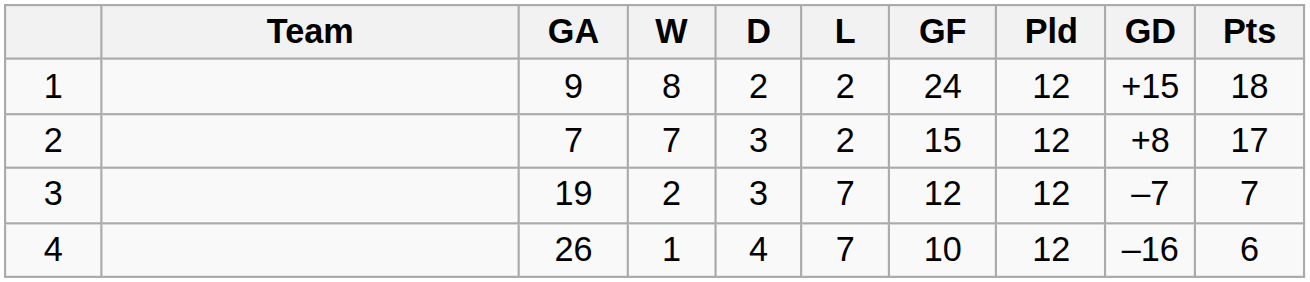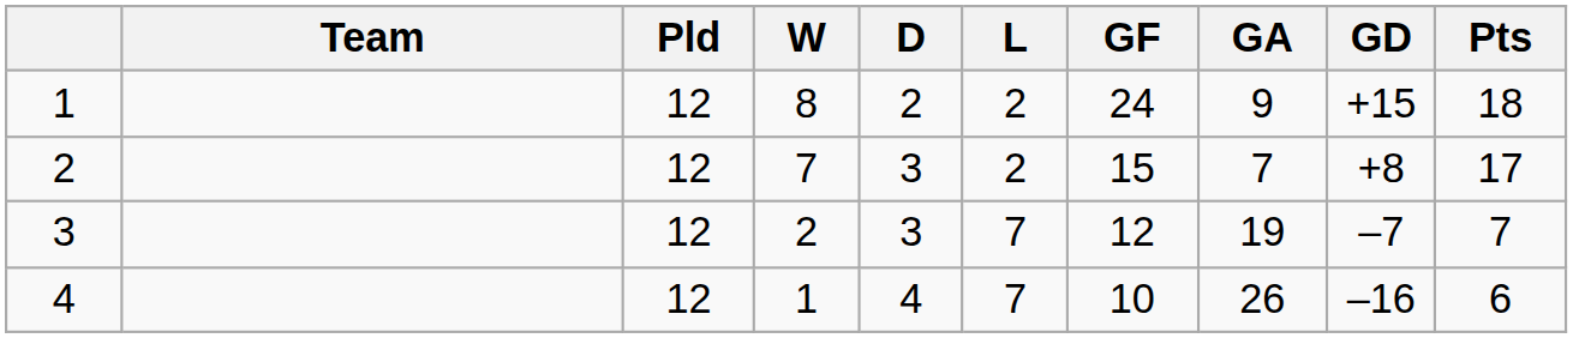 <table class="wikitable" style="text-align: center;">
 <tr>
 <th style="width: 40px;"></th>
 <th style="width: 200px;">Team</th>
-<th style="width: 45px;">GA</th>
+<th style="width: 45px;">Pld</th>
 <th style="width: 35px;">W</th>
 <th style="width: 35px;">D</th>
 <th style="width: 35px;">L</th>
 <th style="width: 45px;">GF</th>
-<th style="width: 45px;">Pld</th>
+<th style="width: 45px;">GA</th>
 <th style="width: 35px;">GD</th>
 <th style="width: 45px;">Pts</th>
 </tr>
 <tr>
 <td>1</td>
 <td style="text-align: left;"></td>
-<td>9</td>
+<td>12</td>
 <td>8</td>
 <td>2</td>
 <td>2</td>
 <td>24</td>
-<td>12</td>
+<td>9</td>
 <td>+15</td>
 <td>18</td>
 </tr>
 <tr>
 <td>2</td>
 <td style="text-align: left;"></td>
-<td>7</td>
+<td>12</td>
 <td>7</td>
 <td>3</td>
 <td>2</td>
 <td>15</td>
-<td>12</td>
+<td>7</td>
 <td>+8</td>
 <td>17</td>
 </tr>
 <tr>
 <td>3</td>
 <td style="text-align: left;"></td>
-<td>19</td>
+<td>12</td>
 <td>2</td>
 <td>3</td>
 <td>7</td>
 <td>12</td>
-<td>12</td>
+<td>19</td>
 <td>–7</td>
 <td>7</td>
 </tr>
 <tr>
 <td>4</td>
 <td style="text-align: left;"></td>
-<td>26</td>
+<td>12</td>
 <td>1</td>
 <td>4</td>
 <td>7</td>
 <td>10</td>
-<td>12</td>
+<td>26</td>
 <td>–16</td>
 <td>6</td>
 </tr>
 </table>
